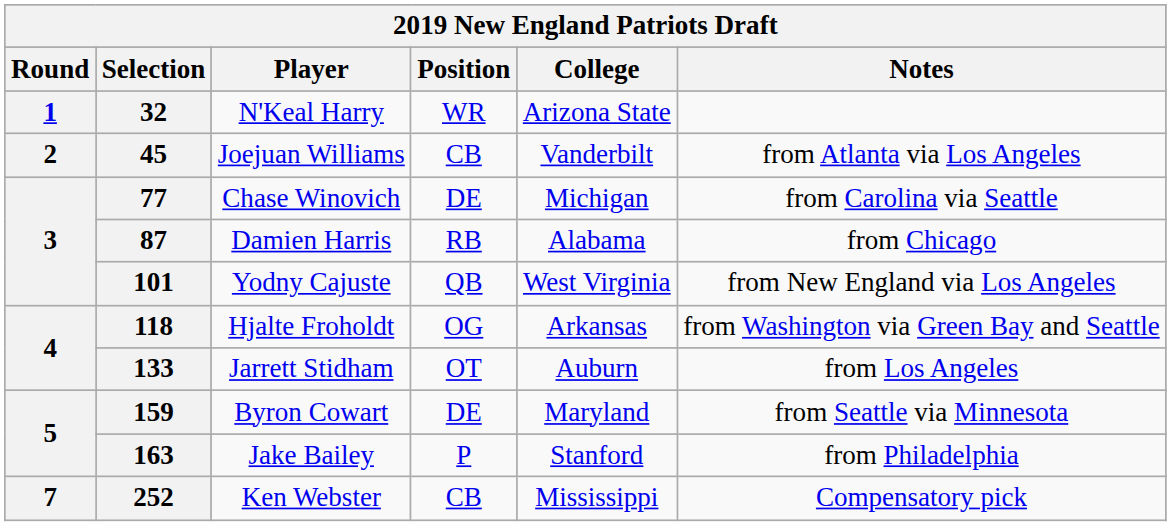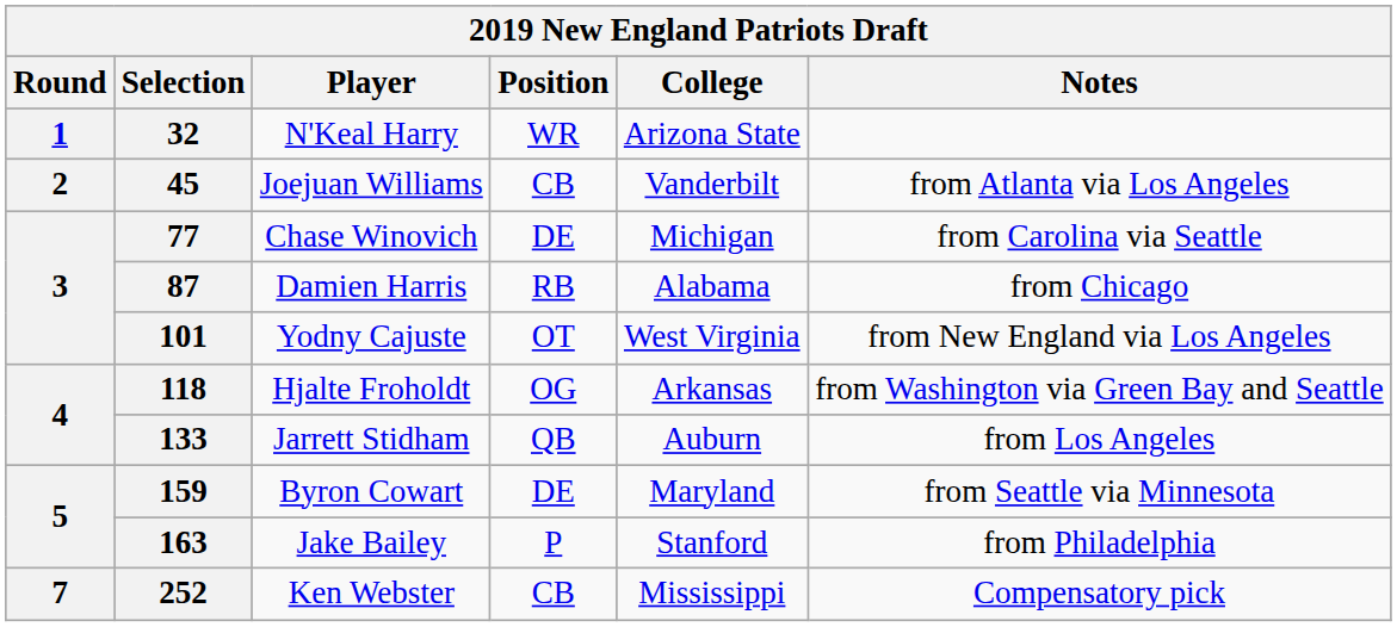 <table class="wikitable" style="text-align:center">
 <tr>
 <th colspan=6>2019 New England Patriots Draft</th>
 </tr>
 <tr>
 <th>Round</th>
 <th>Selection</th>
 <th>Player</th>
 <th>Position</th>
 <th>College</th>
 <th>Notes</th>
 </tr>
 <tr>
 <th><a href='#'>1</a></th>
 <th>32</th>
 <td><a href='#'>N'Keal Harry</a></td>
 <td><a href='#'>WR</a></td>
 <td><a href='#'>Arizona State</a></td>
 <td></td>
 </tr>
 <tr>
 <th>2</th>
 <th>45</th>
 <td><a href='#'>Joejuan Williams</a></td>
 <td><a href='#'>CB</a></td>
 <td><a href='#'>Vanderbilt</a></td>
 <td>from <a href='#'>Atlanta</a> via <a href='#'>Los Angeles</a></td>
 </tr>
 <tr>
 <th rowspan="3">3</th>
 <th>77</th>
 <td><a href='#'>Chase Winovich</a></td>
 <td><a href='#'>DE</a></td>
 <td><a href='#'>Michigan</a></td>
 <td>from <a href='#'>Carolina</a> via <a href='#'>Seattle</a></td>
 </tr>
 <tr>
 <th>87</th>
 <td><a href='#'>Damien Harris</a></td>
 <td><a href='#'>RB</a></td>
 <td><a href='#'>Alabama</a></td>
 <td>from <a href='#'>Chicago</a></td>
 </tr>
 <tr>
 <th>101</th>
 <td><a href='#'>Yodny Cajuste</a></td>
-<td><a href='#'>QB</a></td>
+<td><a href='#'>OT</a></td>
 <td><a href='#'>West Virginia</a></td>
 <td>from New England via <a href='#'>Los Angeles</a></td>
 </tr>
 <tr>
 <th rowspan="2">4</th>
 <th>118</th>
 <td><a href='#'>Hjalte Froholdt</a></td>
 <td><a href='#'>OG</a></td>
 <td><a href='#'>Arkansas</a></td>
 <td>from <a href='#'>Washington</a> via <a href='#'>Green Bay</a> and <a href='#'>Seattle</a></td>
 </tr>
 <tr>
 <th>133</th>
 <td><a href='#'>Jarrett Stidham</a></td>
-<td><a href='#'>OT</a></td>
+<td><a href='#'>QB</a></td>
 <td><a href='#'>Auburn</a></td>
 <td>from <a href='#'>Los Angeles</a></td>
 </tr>
 <tr>
 <th rowspan="2">5</th>
 <th>159</th>
 <td><a href='#'>Byron Cowart</a></td>
 <td><a href='#'>DE</a></td>
 <td><a href='#'>Maryland</a></td>
 <td>from <a href='#'>Seattle</a> via <a href='#'>Minnesota</a></td>
 </tr>
 <tr>
 <th>163</th>
 <td><a href='#'>Jake Bailey</a></td>
 <td><a href='#'>P</a></td>
 <td><a href='#'>Stanford</a></td>
 <td>from <a href='#'>Philadelphia</a></td>
 </tr>
 <tr>
 <th>7</th>
 <th>252</th>
 <td><a href='#'>Ken Webster</a></td>
 <td><a href='#'>CB</a></td>
 <td><a href='#'>Mississippi</a></td>
 <td><a href='#'>Compensatory pick</a></td>
 </tr>
 </table>
